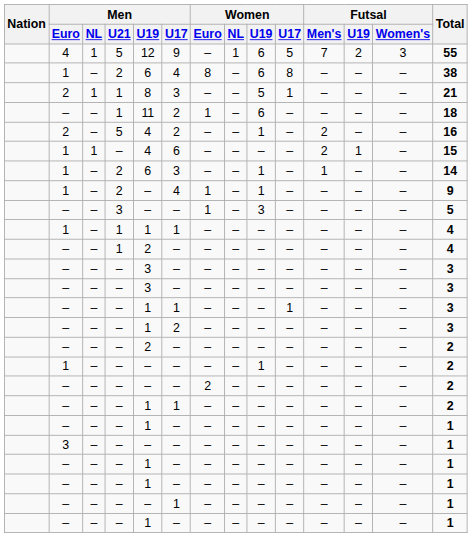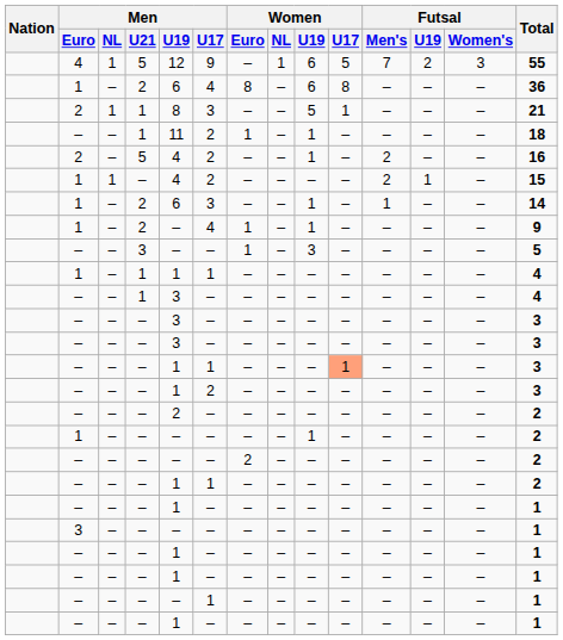 <table class="wikitable sortable" style="font-size:90%">
 <tr>
 <th rowspan=2>Nation</th>
 <th colspan=5>Men</th>
 <th colspan=4>Women</th>
 <th colspan=3>Futsal</th>
 <th rowspan=2>Total</th>
 </tr>
 <tr>
 <th><a href='#'>Euro</a></th>
 <th><a href='#'>NL</a></th>
 <th><a href='#'>U21</a></th>
 <th><a href='#'>U19</a></th>
 <th><a href='#'>U17</a></th>
 <th><a href='#'>Euro</a></th>
 <th><a href='#'>NL</a></th>
 <th><a href='#'>U19</a></th>
 <th><a href='#'>U17</a></th>
 <th><a href='#'>Men's</a></th>
 <th><a href='#'>U19</a></th>
 <th><a href='#'>Women's</a></th>
 </tr>
 <tr align=center>
 <td align=left></td>
 <td>4</td>
 <td>1</td>
 <td>5</td>
 <td>12</td>
 <td>9</td>
 <td>–</td>
 <td>1</td>
 <td>6</td>
 <td>5</td>
 <td>7</td>
 <td>2</td>
 <td>3</td>
 <td><strong>55</strong></td>
 </tr>
 <tr align=center>
 <td align=left></td>
 <td>1</td>
 <td>–</td>
 <td>2</td>
 <td>6</td>
 <td>4</td>
 <td>8</td>
 <td>–</td>
 <td>6</td>
 <td>8</td>
 <td>–</td>
 <td>–</td>
 <td>–</td>
-<td><strong>38</strong></td>
+<td><strong>36</strong></td>
 </tr>
 <tr align=center>
 <td align=left></td>
 <td>2</td>
 <td>1</td>
 <td>1</td>
 <td>8</td>
 <td>3</td>
 <td>–</td>
 <td>–</td>
 <td>5</td>
 <td>1</td>
 <td>–</td>
 <td>–</td>
 <td>–</td>
 <td><strong>21</strong></td>
 </tr>
 <tr align="center">
 <td align="left"></td>
 <td>–</td>
 <td>–</td>
 <td>1</td>
 <td>11</td>
 <td>2</td>
 <td>1</td>
 <td>–</td>
-<td>6</td>
+<td>1</td>
 <td>–</td>
 <td>–</td>
 <td>–</td>
 <td>–</td>
 <td><strong>18</strong></td>
 </tr>
 <tr align="center">
 <td align="left"></td>
 <td>2</td>
 <td>–</td>
 <td>5</td>
 <td>4</td>
 <td>2</td>
 <td>–</td>
 <td>–</td>
 <td>1</td>
 <td>–</td>
 <td>2</td>
 <td>–</td>
 <td>–</td>
 <td><strong>16</strong></td>
 </tr>
 <tr align="center">
 <td align=left></td>
 <td>1</td>
 <td>1</td>
 <td>–</td>
 <td>4</td>
-<td>6</td>
+<td>2</td>
 <td>–</td>
 <td>–</td>
 <td>–</td>
 <td>–</td>
 <td>2</td>
 <td>1</td>
 <td>–</td>
 <td><strong>15</strong></td>
 </tr>
 <tr align=center>
 <td align="left"></td>
 <td>1</td>
 <td>–</td>
 <td>2</td>
 <td>6</td>
 <td>3</td>
 <td>–</td>
 <td>–</td>
 <td>1</td>
 <td>–</td>
 <td>1</td>
 <td>–</td>
 <td>–</td>
 <td><strong>14</strong></td>
 </tr>
 <tr align=center>
 <td align=left></td>
 <td>1</td>
 <td>–</td>
 <td>2</td>
 <td>–</td>
 <td>4</td>
 <td>1</td>
 <td>–</td>
 <td>1</td>
 <td>–</td>
 <td>–</td>
 <td>–</td>
 <td>–</td>
 <td><strong>9</strong></td>
 </tr>
 <tr align=center>
 <td align=left></td>
 <td>–</td>
 <td>–</td>
 <td>3</td>
 <td>–</td>
 <td>–</td>
 <td>1</td>
 <td>–</td>
 <td>3</td>
 <td>–</td>
 <td>–</td>
 <td>–</td>
 <td>–</td>
 <td><strong>5</strong></td>
 </tr>
 <tr align="center">
 <td align="left"></td>
 <td>1</td>
 <td>–</td>
 <td>1</td>
 <td>1</td>
 <td>1</td>
 <td>–</td>
 <td>–</td>
 <td>–</td>
 <td>–</td>
 <td>–</td>
 <td>–</td>
 <td>–</td>
 <td><strong>4</strong></td>
 </tr>
 <tr align="center">
 <td align="left"></td>
 <td>–</td>
 <td>–</td>
 <td>1</td>
-<td>2</td>
+<td>3</td>
 <td>–</td>
 <td>–</td>
 <td>–</td>
 <td>–</td>
 <td>–</td>
 <td>–</td>
 <td>–</td>
 <td>–</td>
 <td><strong>4</strong></td>
 </tr>
 <tr align="center">
 <td align=left></td>
 <td>–</td>
 <td>–</td>
 <td>–</td>
 <td>3</td>
 <td>–</td>
 <td>–</td>
 <td>–</td>
 <td>–</td>
 <td>–</td>
 <td>–</td>
 <td>–</td>
 <td>–</td>
 <td><strong>3</strong></td>
 </tr>
 <tr align="center">
 <td align="left"></td>
 <td>–</td>
 <td>–</td>
 <td>–</td>
 <td>3</td>
 <td>–</td>
 <td>–</td>
 <td>–</td>
 <td>–</td>
 <td>–</td>
 <td>–</td>
 <td>–</td>
 <td>–</td>
 <td><strong>3</strong></td>
 </tr>
 <tr align="center">
 <td align="left"></td>
 <td>–</td>
 <td>–</td>
 <td>–</td>
 <td>1</td>
 <td>1</td>
 <td>–</td>
 <td>–</td>
 <td>–</td>
-<td>1</td>
+<td style="background: lightsalmon;">1</td>
 <td>–</td>
 <td>–</td>
 <td>–</td>
 <td><strong>3</strong></td>
 </tr>
 <tr align="center">
 <td align=left></td>
 <td>–</td>
 <td>–</td>
 <td>–</td>
 <td>1</td>
 <td>2</td>
 <td>–</td>
 <td>–</td>
 <td>–</td>
 <td>–</td>
 <td>–</td>
 <td>–</td>
 <td>–</td>
 <td><strong>3</strong></td>
 </tr>
 <tr align=center>
 <td align=left></td>
 <td>–</td>
 <td>–</td>
 <td>–</td>
 <td>2</td>
 <td>–</td>
 <td>–</td>
 <td>–</td>
 <td>–</td>
 <td>–</td>
 <td>–</td>
 <td>–</td>
 <td>–</td>
 <td><strong>2</strong></td>
 </tr>
 <tr align=center>
 <td align=left></td>
 <td>1</td>
 <td>–</td>
 <td>–</td>
 <td>–</td>
 <td>–</td>
 <td>–</td>
 <td>–</td>
 <td>1</td>
 <td>–</td>
 <td>–</td>
 <td>–</td>
 <td>–</td>
 <td><strong>2</strong></td>
 </tr>
 <tr align=center>
 <td align=left></td>
 <td>–</td>
 <td>–</td>
 <td>–</td>
 <td>–</td>
 <td>–</td>
 <td>2</td>
 <td>–</td>
 <td>–</td>
 <td>–</td>
 <td>–</td>
 <td>–</td>
 <td>–</td>
 <td><strong>2</strong></td>
 </tr>
 <tr align=center>
 <td align=left></td>
 <td>–</td>
 <td>–</td>
 <td>–</td>
 <td>1</td>
 <td>1</td>
 <td>–</td>
 <td>–</td>
 <td>–</td>
 <td>–</td>
 <td>–</td>
 <td>–</td>
 <td>–</td>
 <td><strong>2</strong></td>
 </tr>
 <tr align=center>
 <td align=left></td>
 <td>–</td>
 <td>–</td>
 <td>–</td>
 <td>1</td>
 <td>–</td>
 <td>–</td>
 <td>–</td>
 <td>–</td>
 <td>–</td>
 <td>–</td>
 <td>–</td>
 <td>–</td>
 <td><strong>1</strong></td>
 </tr>
 <tr align=center>
 <td align=left></td>
 <td>3</td>
 <td>–</td>
 <td>–</td>
 <td>–</td>
 <td>–</td>
 <td>–</td>
 <td>–</td>
 <td>–</td>
 <td>–</td>
 <td>–</td>
 <td>–</td>
 <td>–</td>
 <td><strong>1</strong></td>
 </tr>
 <tr align=center>
 <td align=left></td>
 <td>–</td>
 <td>–</td>
 <td>–</td>
 <td>1</td>
 <td>–</td>
 <td>–</td>
 <td>–</td>
 <td>–</td>
 <td>–</td>
 <td>–</td>
 <td>–</td>
 <td>–</td>
 <td><strong>1</strong></td>
 </tr>
 <tr align=center>
 <td align=left></td>
 <td>–</td>
 <td>–</td>
 <td>–</td>
 <td>1</td>
 <td>–</td>
 <td>–</td>
 <td>–</td>
 <td>–</td>
 <td>–</td>
 <td>–</td>
 <td>–</td>
 <td>–</td>
 <td><strong>1</strong></td>
 </tr>
 <tr align=center>
 <td align=left></td>
 <td>–</td>
 <td>–</td>
 <td>–</td>
 <td>–</td>
 <td>1</td>
 <td>–</td>
 <td>–</td>
 <td>–</td>
 <td>–</td>
 <td>–</td>
 <td>–</td>
 <td>–</td>
 <td><strong>1</strong></td>
 </tr>
 <tr align=center>
 <td align=left></td>
 <td>–</td>
 <td>–</td>
 <td>–</td>
 <td>1</td>
 <td>–</td>
 <td>–</td>
 <td>–</td>
 <td>–</td>
 <td>–</td>
 <td>–</td>
 <td>–</td>
 <td>–</td>
 <td><strong>1</strong></td>
 </tr>
 </table>
